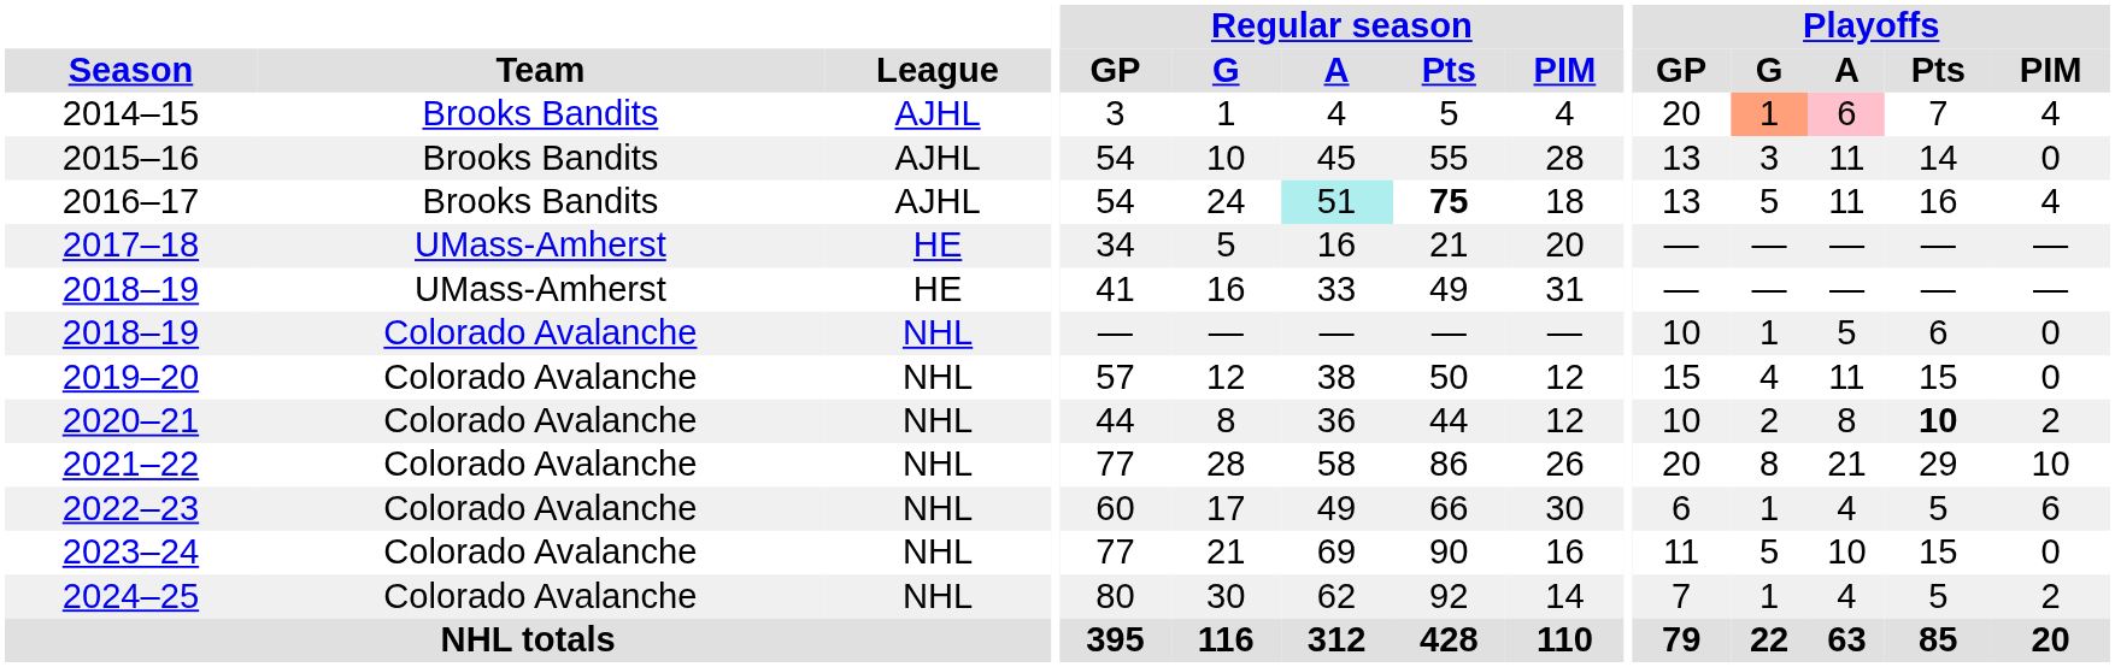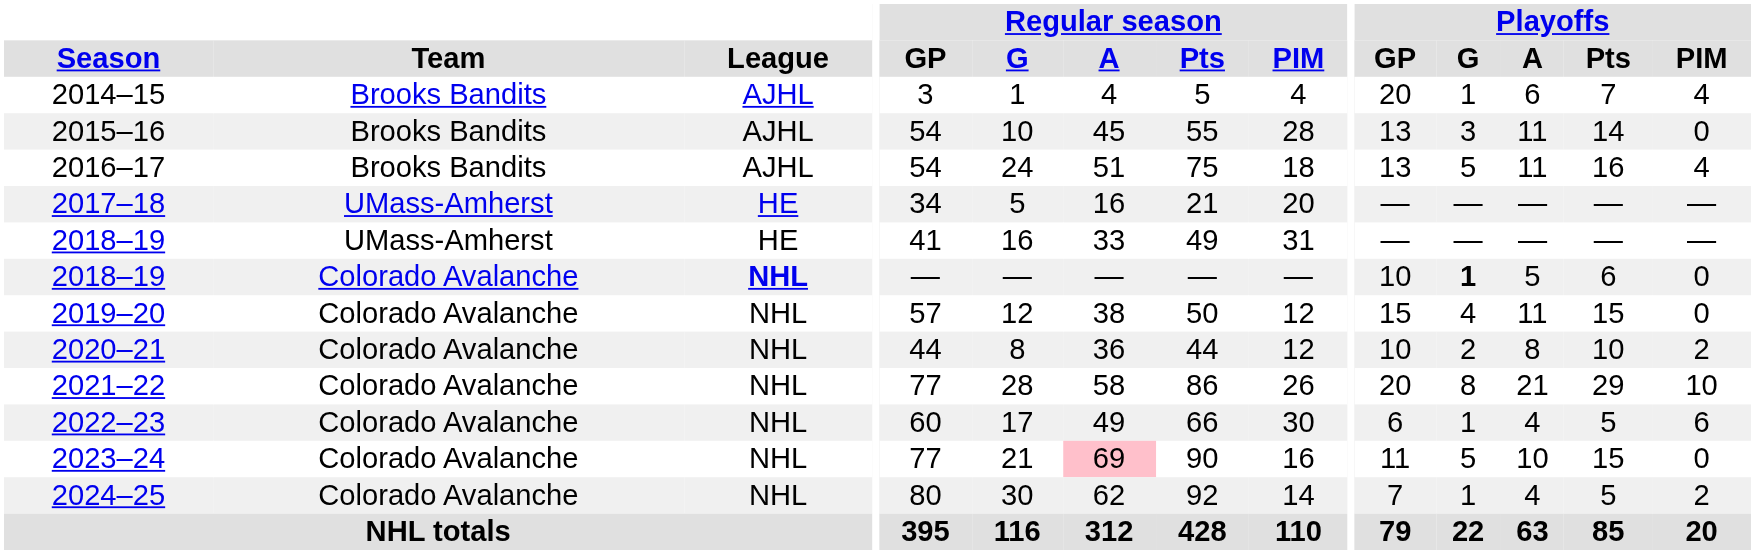 <table border="0" cellpadding="1" cellspacing="0" style="text-align:center; width:60em;">
 <tr bgcolor="#e0e0e0">
 <th colspan="3" bgcolor="#ffffff"></th>
 <th rowspan="98" bgcolor="#ffffff"></th>
 <th colspan="5"><a href='#'>Regular season</a></th>
 <th rowspan="98" bgcolor="#ffffff"></th>
 <th colspan="5"><a href='#'>Playoffs</a></th>
 </tr>
 <tr bgcolor="#e0e0e0">
 <th><a href='#'>Season</a></th>
 <th>Team</th>
 <th>League</th>
 <th>GP</th>
 <th><a href='#'>G</a></th>
 <th><a href='#'>A</a></th>
 <th><a href='#'>Pts</a></th>
 <th><a href='#'>PIM</a></th>
 <th>GP</th>
 <th>G</th>
 <th>A</th>
 <th>Pts</th>
 <th>PIM</th>
 </tr>
 <tr>
 <td>2014–15</td>
 <td><a href='#'>Brooks Bandits</a></td>
 <td><a href='#'>AJHL</a></td>
 <td>3</td>
 <td>1</td>
 <td>4</td>
 <td>5</td>
 <td>4</td>
 <td>20</td>
-<td style="background: lightsalmon;">1</td>
-<td style="background: pink;">6</td>
+<td>1</td>
+<td>6</td>
 <td>7</td>
 <td>4</td>
 </tr>
 <tr bgcolor="#f0f0f0">
 <td>2015–16</td>
 <td>Brooks Bandits</td>
 <td>AJHL</td>
 <td>54</td>
 <td>10</td>
 <td>45</td>
 <td>55</td>
 <td>28</td>
 <td>13</td>
 <td>3</td>
 <td>11</td>
 <td>14</td>
 <td>0</td>
 </tr>
 <tr>
 <td>2016–17</td>
 <td>Brooks Bandits</td>
 <td>AJHL</td>
 <td>54</td>
 <td>24</td>
-<td style="background: paleturquoise;">51</td>
-<td><strong>75</strong></td>
+<td>51</td>
+<td>75</td>
 <td>18</td>
 <td>13</td>
 <td>5</td>
 <td>11</td>
 <td>16</td>
 <td>4</td>
 </tr>
 <tr bgcolor="#f0f0f0">
 <td><a href='#'>2017–18</a></td>
 <td><a href='#'>UMass-Amherst</a></td>
 <td><a href='#'>HE</a></td>
 <td>34</td>
 <td>5</td>
 <td>16</td>
 <td>21</td>
 <td>20</td>
 <td>—</td>
 <td>—</td>
 <td>—</td>
 <td>—</td>
 <td>—</td>
 </tr>
 <tr>
 <td><a href='#'>2018–19</a></td>
 <td>UMass-Amherst</td>
 <td>HE</td>
 <td>41</td>
 <td>16</td>
 <td>33</td>
 <td>49</td>
 <td>31</td>
 <td>—</td>
 <td>—</td>
 <td>—</td>
 <td>—</td>
 <td>—</td>
 </tr>
 <tr bgcolor="#f0f0f0">
 <td><a href='#'>2018–19</a></td>
 <td><a href='#'>Colorado Avalanche</a></td>
-<td><a href='#'>NHL</a></td>
+<td><strong><a href='#'>NHL</a></strong></td>
 <td>—</td>
 <td>—</td>
 <td>—</td>
 <td>—</td>
 <td>—</td>
 <td>10</td>
-<td>1</td>
+<td><strong>1</strong></td>
 <td>5</td>
 <td>6</td>
 <td>0</td>
 </tr>
 <tr>
 <td><a href='#'>2019–20</a></td>
 <td>Colorado Avalanche</td>
 <td>NHL</td>
 <td>57</td>
 <td>12</td>
 <td>38</td>
 <td>50</td>
 <td>12</td>
 <td>15</td>
 <td>4</td>
 <td>11</td>
 <td>15</td>
 <td>0</td>
 </tr>
 <tr bgcolor="#f0f0f0">
 <td><a href='#'>2020–21</a></td>
 <td>Colorado Avalanche</td>
 <td>NHL</td>
 <td>44</td>
 <td>8</td>
 <td>36</td>
 <td>44</td>
 <td>12</td>
 <td>10</td>
 <td>2</td>
 <td>8</td>
-<td><strong>10</strong></td>
+<td>10</td>
 <td>2</td>
 </tr>
 <tr>
 <td><a href='#'>2021–22</a></td>
 <td>Colorado Avalanche</td>
 <td>NHL</td>
 <td>77</td>
 <td>28</td>
 <td>58</td>
 <td>86</td>
 <td>26</td>
 <td>20</td>
 <td>8</td>
 <td>21</td>
 <td>29</td>
 <td>10</td>
 </tr>
 <tr bgcolor="#f0f0f0">
 <td><a href='#'>2022–23</a></td>
 <td>Colorado Avalanche</td>
 <td>NHL</td>
 <td>60</td>
 <td>17</td>
 <td>49</td>
 <td>66</td>
 <td>30</td>
 <td>6</td>
 <td>1</td>
 <td>4</td>
 <td>5</td>
 <td>6</td>
 </tr>
 <tr>
 <td><a href='#'>2023–24</a></td>
 <td>Colorado Avalanche</td>
 <td>NHL</td>
 <td>77</td>
 <td>21</td>
-<td>69</td>
+<td style="background: pink;">69</td>
 <td>90</td>
 <td>16</td>
 <td>11</td>
 <td>5</td>
 <td>10</td>
 <td>15</td>
 <td>0</td>
 </tr>
 <tr bgcolor="#f0f0f0">
 <td><a href='#'>2024–25</a></td>
 <td>Colorado Avalanche</td>
 <td>NHL</td>
 <td>80</td>
 <td>30</td>
 <td>62</td>
 <td>92</td>
 <td>14</td>
 <td>7</td>
 <td>1</td>
 <td>4</td>
 <td>5</td>
 <td>2</td>
 </tr>
 <tr bgcolor="#e0e0e0">
 <th colspan="3">NHL totals</th>
 <th>395</th>
 <th>116</th>
 <th>312</th>
 <th>428</th>
 <th>110</th>
 <th>79</th>
 <th>22</th>
 <th>63</th>
 <th>85</th>
 <th>20</th>
 </tr>
 </table>
